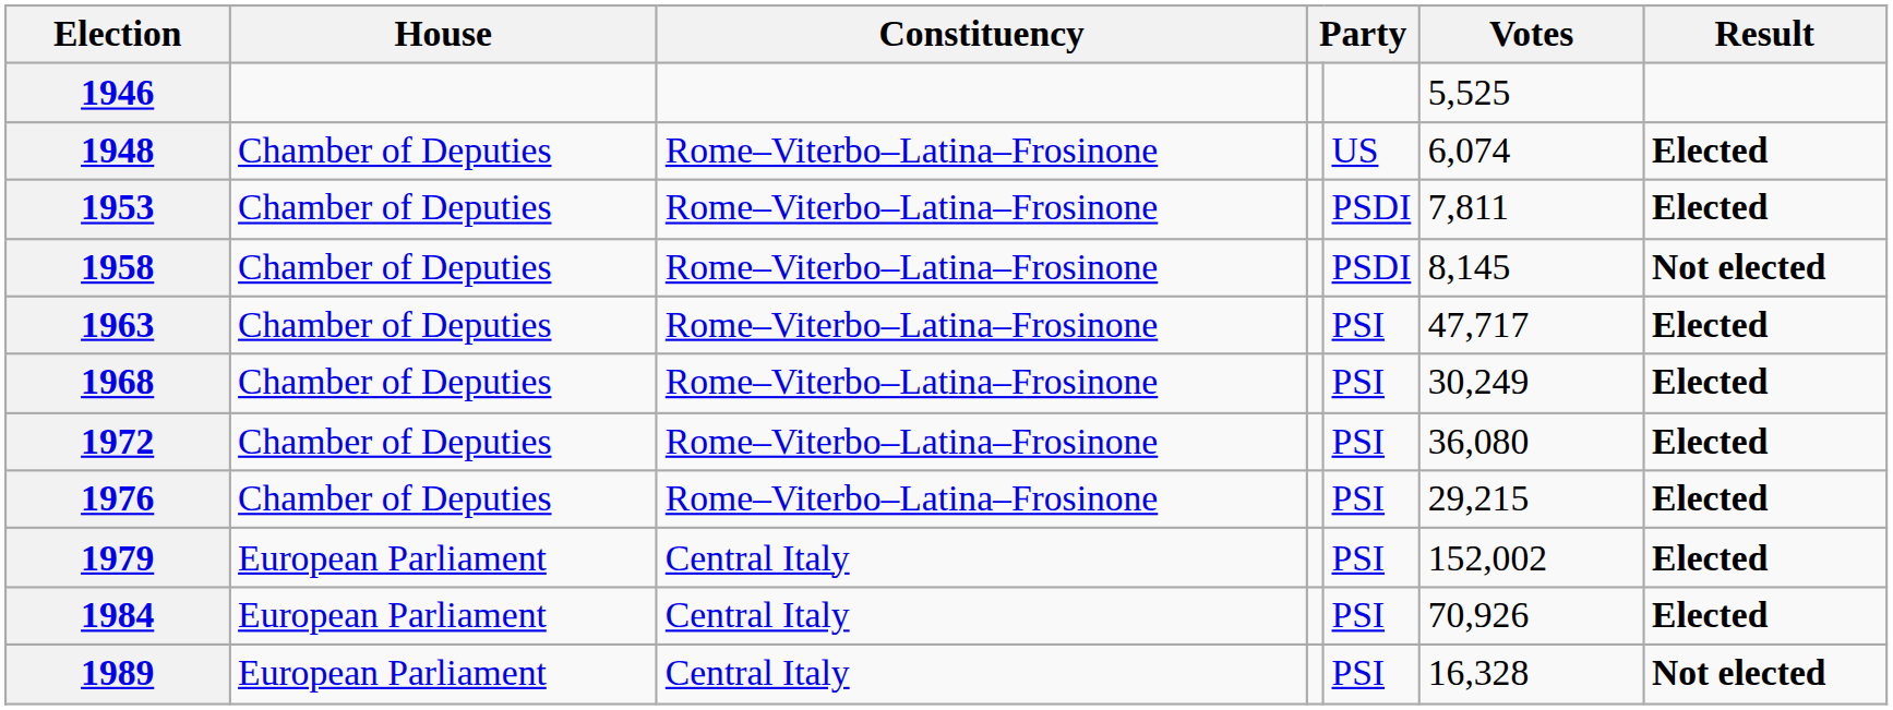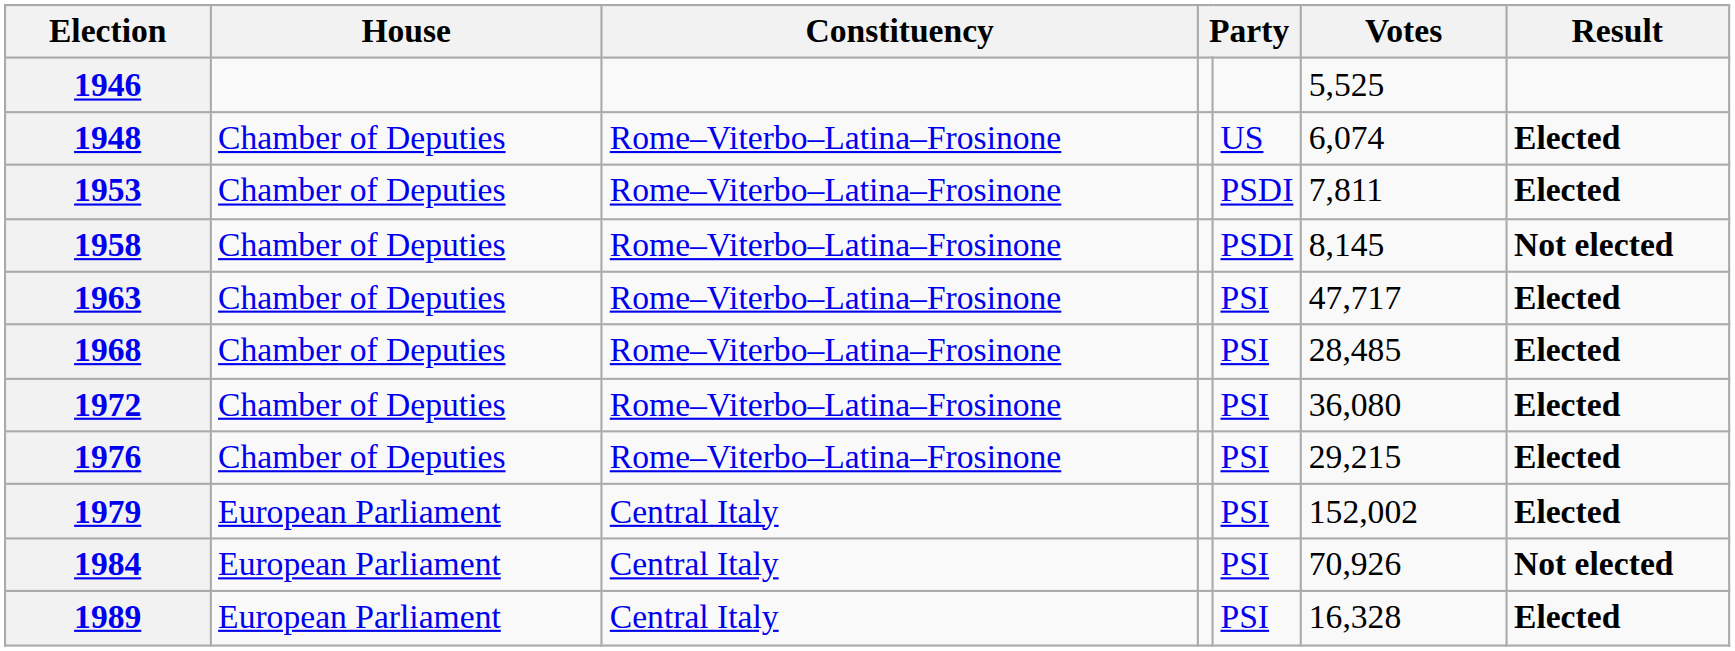 <table class=wikitable style="width:65%; border:1px #AAAAFF solid">
 <tr>
 <th width=12%>Election</th>
 <th width=23%>House</th>
 <th width=35%>Constituency</th>
 <th width=5% colspan="2">Party</th>
 <th width=12%>Votes</th>
 <th width=20%>Result</th>
 </tr>
 <tr>
 <th><a href='#'>1946</a></th>
 <td></td>
 <td></td>
 <td></td>
 <td></td>
 <td>5,525</td>
 <td></td>
 </tr>
 <tr>
 <th><a href='#'>1948</a></th>
 <td><a href='#'>Chamber of Deputies</a></td>
 <td><a href='#'>Rome–Viterbo–Latina–Frosinone</a></td>
 <td></td>
 <td><a href='#'>US</a></td>
 <td>6,074</td>
 <td> <strong>Elected</strong></td>
 </tr>
 <tr>
 <th><a href='#'>1953</a></th>
 <td><a href='#'>Chamber of Deputies</a></td>
 <td><a href='#'>Rome–Viterbo–Latina–Frosinone</a></td>
 <td></td>
 <td><a href='#'>PSDI</a></td>
 <td>7,811</td>
 <td> <strong>Elected</strong></td>
 </tr>
 <tr>
 <th><a href='#'>1958</a></th>
 <td><a href='#'>Chamber of Deputies</a></td>
 <td><a href='#'>Rome–Viterbo–Latina–Frosinone</a></td>
 <td></td>
 <td><a href='#'>PSDI</a></td>
 <td>8,145</td>
 <td> <strong>Not elected</strong></td>
 </tr>
 <tr>
 <th><a href='#'>1963</a></th>
 <td><a href='#'>Chamber of Deputies</a></td>
 <td><a href='#'>Rome–Viterbo–Latina–Frosinone</a></td>
 <td></td>
 <td><a href='#'>PSI</a></td>
 <td>47,717</td>
 <td> <strong>Elected</strong></td>
 </tr>
 <tr>
 <th><a href='#'>1968</a></th>
 <td><a href='#'>Chamber of Deputies</a></td>
 <td><a href='#'>Rome–Viterbo–Latina–Frosinone</a></td>
 <td></td>
 <td><a href='#'>PSI</a></td>
-<td>30,249</td>
+<td>28,485</td>
 <td> <strong>Elected</strong></td>
 </tr>
 <tr>
 <th><a href='#'>1972</a></th>
 <td><a href='#'>Chamber of Deputies</a></td>
 <td><a href='#'>Rome–Viterbo–Latina–Frosinone</a></td>
 <td></td>
 <td><a href='#'>PSI</a></td>
 <td>36,080</td>
 <td> <strong>Elected</strong></td>
 </tr>
 <tr>
 <th><a href='#'>1976</a></th>
 <td><a href='#'>Chamber of Deputies</a></td>
 <td><a href='#'>Rome–Viterbo–Latina–Frosinone</a></td>
 <td></td>
 <td><a href='#'>PSI</a></td>
 <td>29,215</td>
 <td> <strong>Elected</strong></td>
 </tr>
 <tr>
 <th><a href='#'>1979</a></th>
 <td><a href='#'>European Parliament</a></td>
 <td><a href='#'>Central Italy</a></td>
 <td></td>
 <td><a href='#'>PSI</a></td>
 <td>152,002</td>
 <td> <strong>Elected</strong></td>
 </tr>
 <tr>
 <th><a href='#'>1984</a></th>
 <td><a href='#'>European Parliament</a></td>
 <td><a href='#'>Central Italy</a></td>
 <td></td>
 <td><a href='#'>PSI</a></td>
 <td>70,926</td>
-<td> <strong>Elected</strong></td>
+<td> <strong>Not elected</strong></td>
 </tr>
 <tr>
 <th><a href='#'>1989</a></th>
 <td><a href='#'>European Parliament</a></td>
 <td><a href='#'>Central Italy</a></td>
 <td></td>
 <td><a href='#'>PSI</a></td>
 <td>16,328</td>
-<td> <strong>Not elected</strong></td>
+<td> <strong>Elected</strong></td>
 </tr>
 </table>
